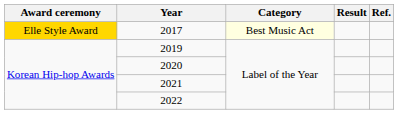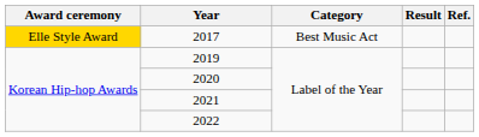 <table class="wikitable plainrowheaders" style="text-align:center;">
 <tr>
 <th>Award ceremony</th>
 <th style="width:150px;">Year</th>
 <th style="width:150px;">Category</th>
 <th>Result</th>
 <th>Ref.</th>
 </tr>
 <tr>
 <td style="background: gold;">Elle Style Award</td>
 <td>2017</td>
-<td style="background: lightyellow;">Best Music Act</td>
+<td>Best Music Act</td>
 <td></td>
 <td></td>
 </tr>
 <tr>
 <td rowspan="4"><a href='#'>Korean Hip-hop Awards</a></td>
 <td>2019</td>
 <td rowspan="4">Label of the Year</td>
 <td></td>
 <td></td>
 </tr>
 <tr>
 <td>2020</td>
 <td></td>
 <td></td>
 </tr>
 <tr>
 <td>2021</td>
 <td></td>
 <td></td>
 </tr>
 <tr>
 <td>2022</td>
 <td></td>
 <td></td>
 </tr>
 </table>
